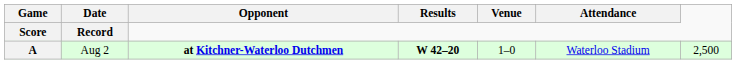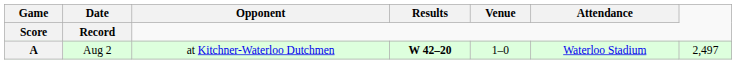 <table class="wikitable" width="80%" style="text-align:center">
 <tr>
 <th>Game</th>
 <th>Date</th>
 <th>Opponent</th>
 <th>Results</th>
 <th>Venue</th>
 <th>Attendance</th>
 </tr>
 <tr>
 <th>Score</th>
 <th>Record</th>
 </tr>
 <tr style="background:#ddffdd">
 <th>A</th>
 <td>Aug 2</td>
-<td><strong>at <a href='#'>Kitchner-Waterloo Dutchmen</a></strong></td>
+<td>at <a href='#'>Kitchner-Waterloo Dutchmen</a></td>
 <td><strong>W 42–20</strong></td>
 <td>1–0</td>
 <td><a href='#'>Waterloo Stadium</a></td>
-<td>2,500</td>
+<td>2,497</td>
 </tr>
 </table>
